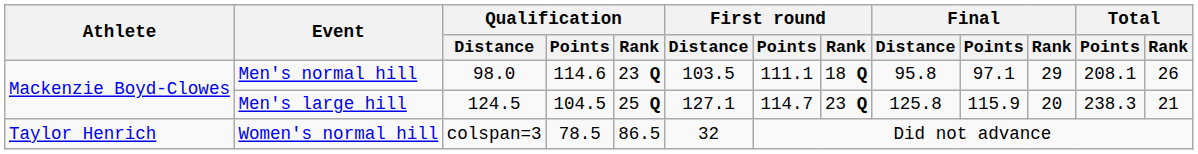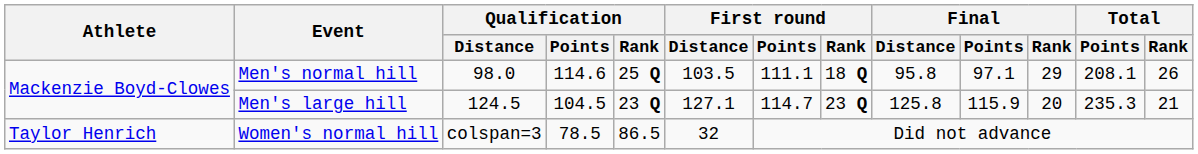 <table class="wikitable" style="font-size:90%">
 <tr>
 <th rowspan=2>Athlete</th>
 <th rowspan=2>Event</th>
 <th colspan=3>Qualification</th>
 <th colspan=3>First round</th>
 <th colspan=3>Final</th>
 <th colspan=2>Total</th>
 </tr>
 <tr style="font-size:95%">
 <th>Distance</th>
 <th>Points</th>
 <th>Rank</th>
 <th>Distance</th>
 <th>Points</th>
 <th>Rank</th>
 <th>Distance</th>
 <th>Points</th>
 <th>Rank</th>
 <th>Points</th>
 <th>Rank</th>
 </tr>
 <tr align=center>
 <td align=left rowspan=2><a href='#'>Mackenzie Boyd-Clowes</a></td>
 <td align=left><a href='#'>Men's normal hill</a></td>
 <td>98.0</td>
 <td>114.6</td>
-<td>23 <strong>Q</strong></td>
+<td>25 <strong>Q</strong></td>
 <td>103.5</td>
 <td>111.1</td>
 <td>18 <strong>Q</strong></td>
 <td>95.8</td>
 <td>97.1</td>
 <td>29</td>
 <td>208.1</td>
 <td>26</td>
 </tr>
 <tr align=center>
 <td align=left><a href='#'>Men's large hill</a></td>
 <td>124.5</td>
 <td>104.5</td>
-<td>25 <strong>Q</strong></td>
+<td>23 <strong>Q</strong></td>
 <td>127.1</td>
 <td>114.7</td>
 <td>23 <strong>Q</strong></td>
 <td>125.8</td>
 <td>115.9</td>
 <td>20</td>
-<td>238.3</td>
+<td>235.3</td>
 <td>21</td>
 </tr>
 <tr align=center>
 <td align=left><a href='#'>Taylor Henrich</a></td>
 <td align=left><a href='#'>Women's normal hill</a></td>
 <td>colspan=3 </td>
 <td>78.5</td>
 <td>86.5</td>
 <td>32</td>
 <td colspan=7>Did not advance</td>
 </tr>
 </table>
